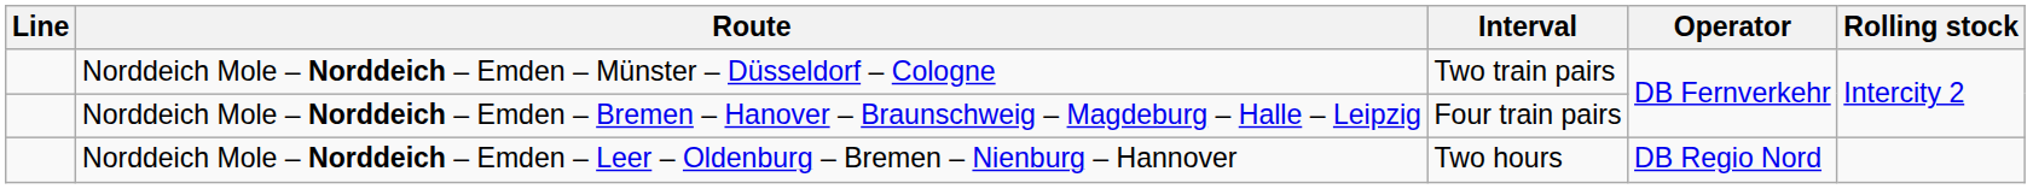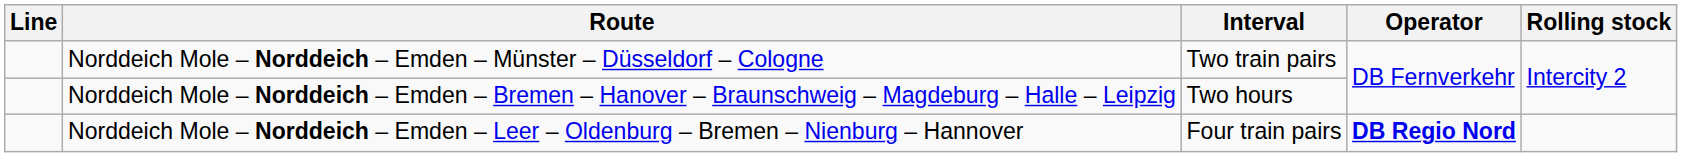 <table class="wikitable">
 <tr>
 <th>Line</th>
 <th>Route</th>
 <th>Interval</th>
 <th>Operator</th>
 <th>Rolling stock</th>
 </tr>
 <tr>
 <td></td>
 <td>Norddeich Mole – <strong>Norddeich</strong> – Emden – Münster – <a href='#'>Düsseldorf</a> – <a href='#'>Cologne</a></td>
 <td>Two train pairs</td>
 <td rowspan="2"><a href='#'>DB Fernverkehr</a></td>
 <td rowspan="2"><a href='#'>Intercity 2</a></td>
 </tr>
 <tr>
 <td></td>
 <td>Norddeich Mole – <strong>Norddeich</strong> – Emden – <a href='#'>Bremen</a> – <a href='#'>Hanover</a> – <a href='#'>Braunschweig</a> – <a href='#'>Magdeburg</a> – <a href='#'>Halle</a> – <a href='#'>Leipzig</a></td>
-<td>Four train pairs</td>
+<td>Two hours</td>
 </tr>
 <tr>
 <td></td>
 <td>Norddeich Mole – <strong>Norddeich</strong> – Emden – <a href='#'>Leer</a> – <a href='#'>Oldenburg</a> – Bremen – <a href='#'>Nienburg</a> – Hannover</td>
-<td>Two hours</td>
-<td><a href='#'>DB Regio Nord</a></td>
+<td>Four train pairs</td>
+<td><strong><a href='#'>DB Regio Nord</a></strong></td>
 <td></td>
 </tr>
 </table>
